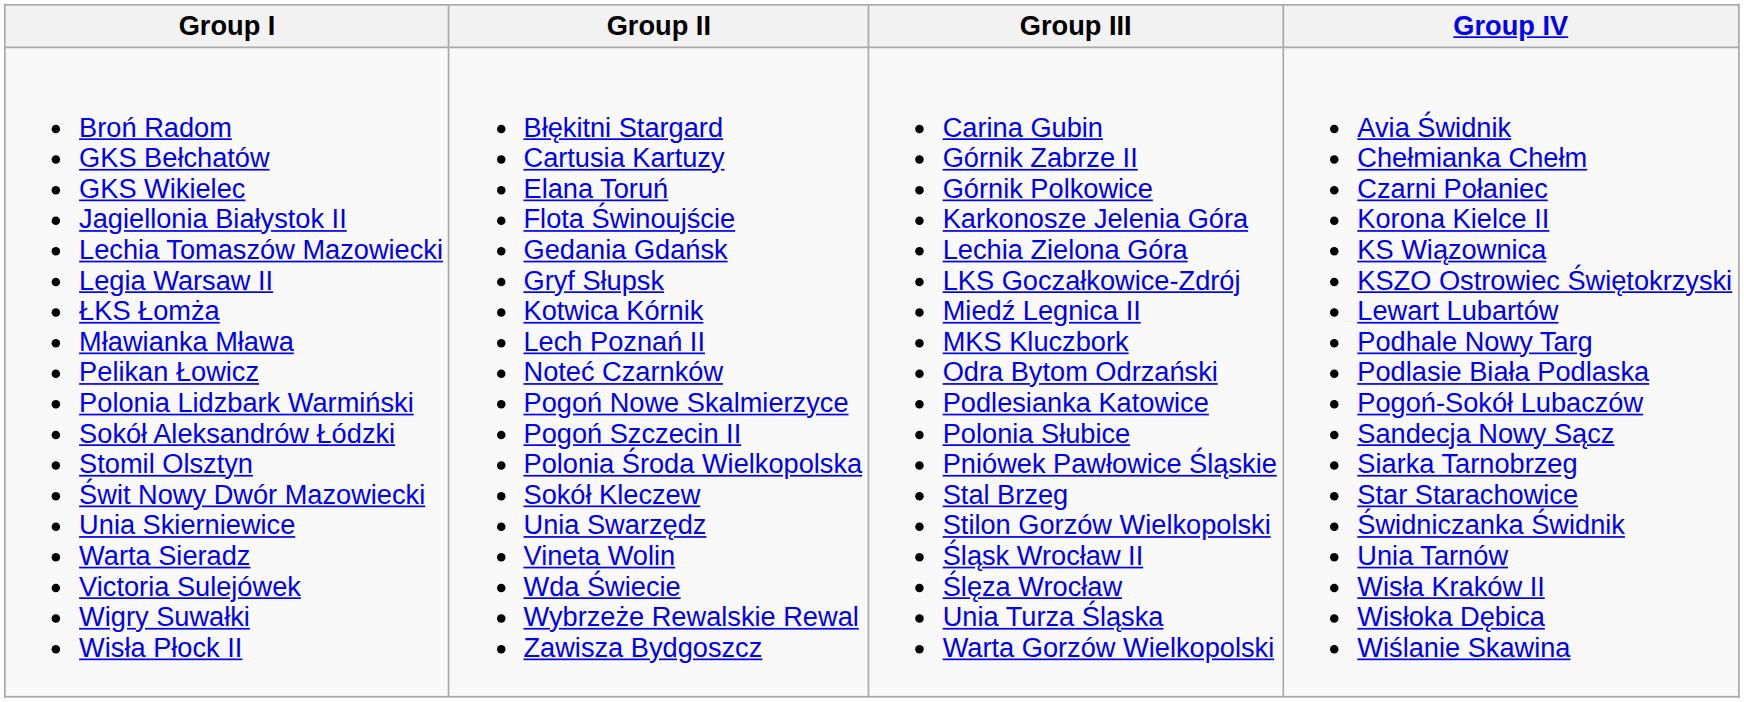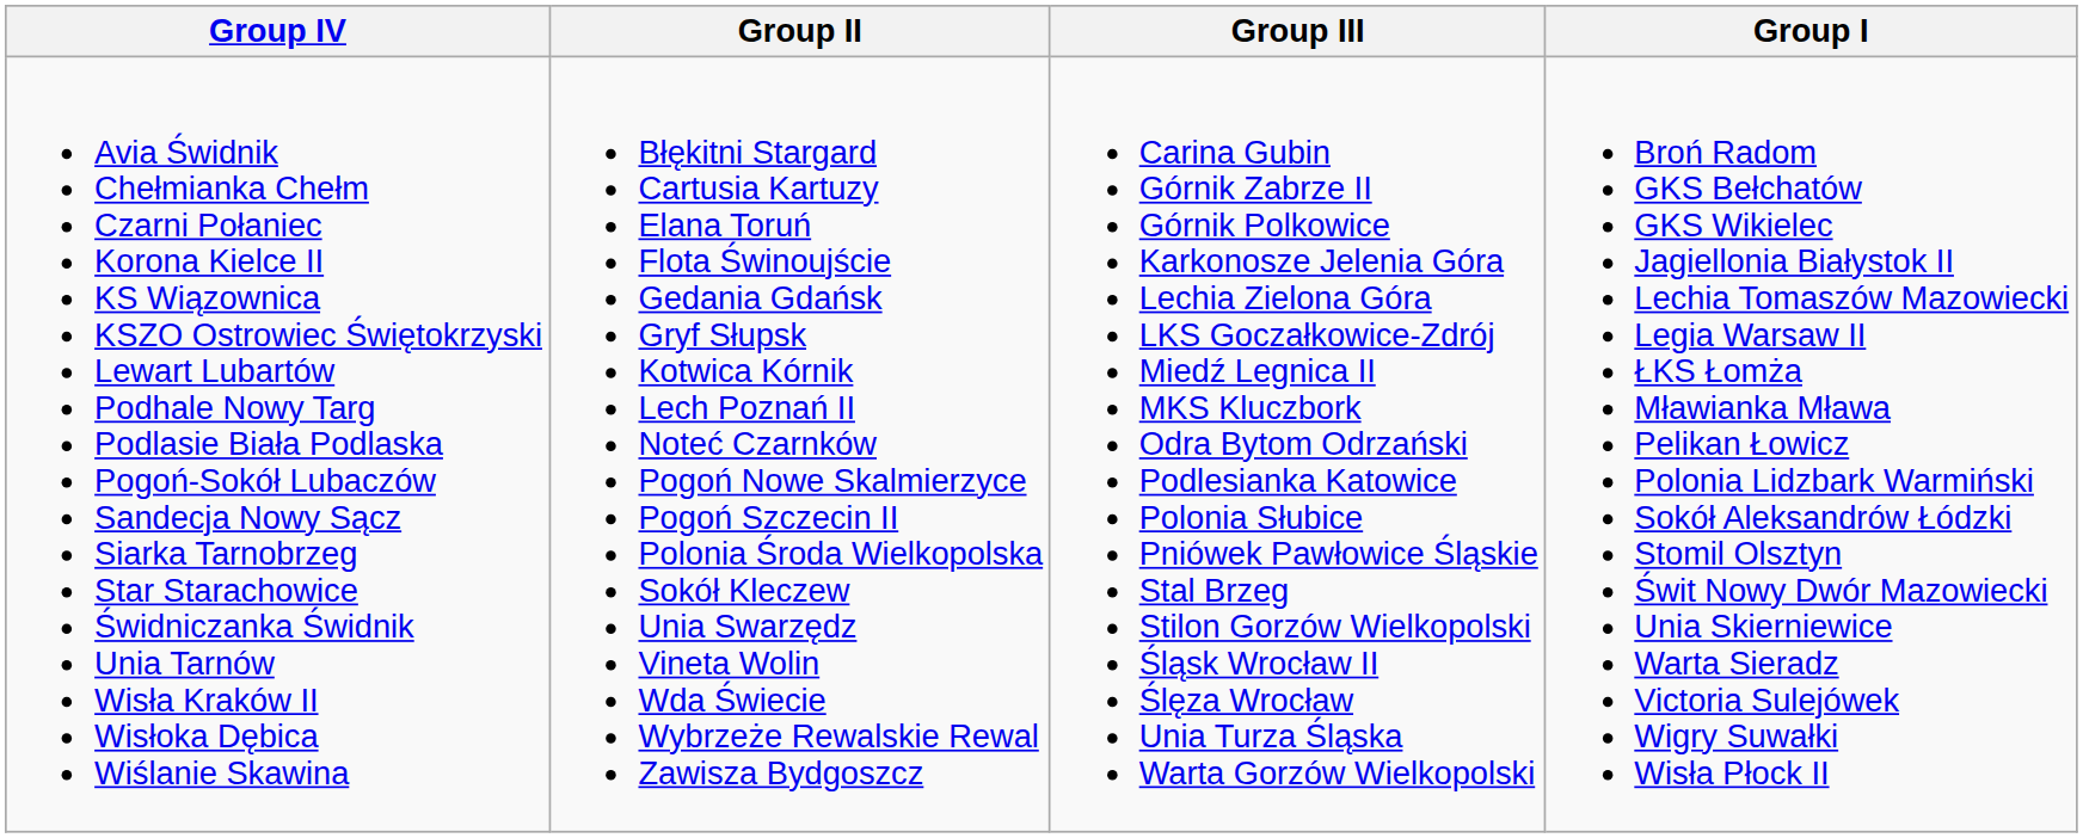 <table class="wikitable">
 <tr>
-<th>Group I</th>
+<th><a href='#'>Group IV</a></th>
 <th>Group II</th>
 <th>Group III</th>
-<th><a href='#'>Group IV</a></th>
+<th>Group I</th>
 </tr>
 <tr>
-<td><br><ul><li><a href='#'>Broń Radom</a></li><li><a href='#'>GKS Bełchatów</a></li><li><a href='#'>GKS Wikielec</a></li><li><a href='#'>Jagiellonia Białystok II</a></li><li><a href='#'>Lechia Tomaszów Mazowiecki</a></li><li><a href='#'>Legia Warsaw II</a></li><li><a href='#'>ŁKS Łomża</a></li><li><a href='#'>Mławianka Mława</a></li><li><a href='#'>Pelikan Łowicz</a></li><li><a href='#'>Polonia Lidzbark Warmiński</a></li><li><a href='#'>Sokół Aleksandrów Łódzki</a></li><li><a href='#'>Stomil Olsztyn</a></li><li><a href='#'>Świt Nowy Dwór Mazowiecki</a></li><li><a href='#'>Unia Skierniewice</a></li><li><a href='#'>Warta Sieradz</a></li><li><a href='#'>Victoria Sulejówek</a></li><li><a href='#'>Wigry Suwałki</a></li><li><a href='#'>Wisła Płock II</a></li></ul></td>
+<td><br><ul><li><a href='#'>Avia Świdnik</a></li><li><a href='#'>Chełmianka Chełm</a></li><li><a href='#'>Czarni Połaniec</a></li><li><a href='#'>Korona Kielce II</a></li><li><a href='#'>KS Wiązownica</a></li><li><a href='#'>KSZO Ostrowiec Świętokrzyski</a></li><li><a href='#'>Lewart Lubartów</a></li><li><a href='#'>Podhale Nowy Targ</a></li><li><a href='#'>Podlasie Biała Podlaska</a></li><li><a href='#'>Pogoń-Sokół Lubaczów</a></li><li><a href='#'>Sandecja Nowy Sącz</a></li><li><a href='#'>Siarka Tarnobrzeg</a></li><li><a href='#'>Star Starachowice</a></li><li><a href='#'>Świdniczanka Świdnik</a></li><li><a href='#'>Unia Tarnów</a></li><li><a href='#'>Wisła Kraków II</a></li><li><a href='#'>Wisłoka Dębica</a></li><li><a href='#'>Wiślanie Skawina</a></li></ul></td>
 <td><br><ul><li><a href='#'>Błękitni Stargard</a></li><li><a href='#'>Cartusia Kartuzy</a></li><li><a href='#'>Elana Toruń</a></li><li><a href='#'>Flota Świnoujście</a></li><li><a href='#'>Gedania Gdańsk</a></li><li><a href='#'>Gryf Słupsk</a></li><li><a href='#'>Kotwica Kórnik</a></li><li><a href='#'>Lech Poznań II</a></li><li><a href='#'>Noteć Czarnków</a></li><li><a href='#'>Pogoń Nowe Skalmierzyce</a></li><li><a href='#'>Pogoń Szczecin II</a></li><li><a href='#'>Polonia Środa Wielkopolska</a></li><li><a href='#'>Sokół Kleczew</a></li><li><a href='#'>Unia Swarzędz</a></li><li><a href='#'>Vineta Wolin</a></li><li><a href='#'>Wda Świecie</a></li><li><a href='#'>Wybrzeże Rewalskie Rewal</a></li><li><a href='#'>Zawisza Bydgoszcz</a></li></ul></td>
 <td><br><ul><li><a href='#'>Carina Gubin</a></li><li><a href='#'>Górnik Zabrze II</a></li><li><a href='#'>Górnik Polkowice</a></li><li><a href='#'>Karkonosze Jelenia Góra</a></li><li><a href='#'>Lechia Zielona Góra</a></li><li><a href='#'>LKS Goczałkowice-Zdrój</a></li><li><a href='#'>Miedź Legnica II</a></li><li><a href='#'>MKS Kluczbork</a></li><li><a href='#'>Odra Bytom Odrzański</a></li><li><a href='#'>Podlesianka Katowice</a></li><li><a href='#'>Polonia Słubice</a></li><li><a href='#'>Pniówek Pawłowice Śląskie</a></li><li><a href='#'>Stal Brzeg</a></li><li><a href='#'>Stilon Gorzów Wielkopolski</a></li><li><a href='#'>Śląsk Wrocław II</a></li><li><a href='#'>Ślęza Wrocław</a></li><li><a href='#'>Unia Turza Śląska</a></li><li><a href='#'>Warta Gorzów Wielkopolski</a></li></ul></td>
-<td><br><ul><li><a href='#'>Avia Świdnik</a></li><li><a href='#'>Chełmianka Chełm</a></li><li><a href='#'>Czarni Połaniec</a></li><li><a href='#'>Korona Kielce II</a></li><li><a href='#'>KS Wiązownica</a></li><li><a href='#'>KSZO Ostrowiec Świętokrzyski</a></li><li><a href='#'>Lewart Lubartów</a></li><li><a href='#'>Podhale Nowy Targ</a></li><li><a href='#'>Podlasie Biała Podlaska</a></li><li><a href='#'>Pogoń-Sokół Lubaczów</a></li><li><a href='#'>Sandecja Nowy Sącz</a></li><li><a href='#'>Siarka Tarnobrzeg</a></li><li><a href='#'>Star Starachowice</a></li><li><a href='#'>Świdniczanka Świdnik</a></li><li><a href='#'>Unia Tarnów</a></li><li><a href='#'>Wisła Kraków II</a></li><li><a href='#'>Wisłoka Dębica</a></li><li><a href='#'>Wiślanie Skawina</a></li></ul></td>
+<td><br><ul><li><a href='#'>Broń Radom</a></li><li><a href='#'>GKS Bełchatów</a></li><li><a href='#'>GKS Wikielec</a></li><li><a href='#'>Jagiellonia Białystok II</a></li><li><a href='#'>Lechia Tomaszów Mazowiecki</a></li><li><a href='#'>Legia Warsaw II</a></li><li><a href='#'>ŁKS Łomża</a></li><li><a href='#'>Mławianka Mława</a></li><li><a href='#'>Pelikan Łowicz</a></li><li><a href='#'>Polonia Lidzbark Warmiński</a></li><li><a href='#'>Sokół Aleksandrów Łódzki</a></li><li><a href='#'>Stomil Olsztyn</a></li><li><a href='#'>Świt Nowy Dwór Mazowiecki</a></li><li><a href='#'>Unia Skierniewice</a></li><li><a href='#'>Warta Sieradz</a></li><li><a href='#'>Victoria Sulejówek</a></li><li><a href='#'>Wigry Suwałki</a></li><li><a href='#'>Wisła Płock II</a></li></ul></td>
 </tr>
 </table>
